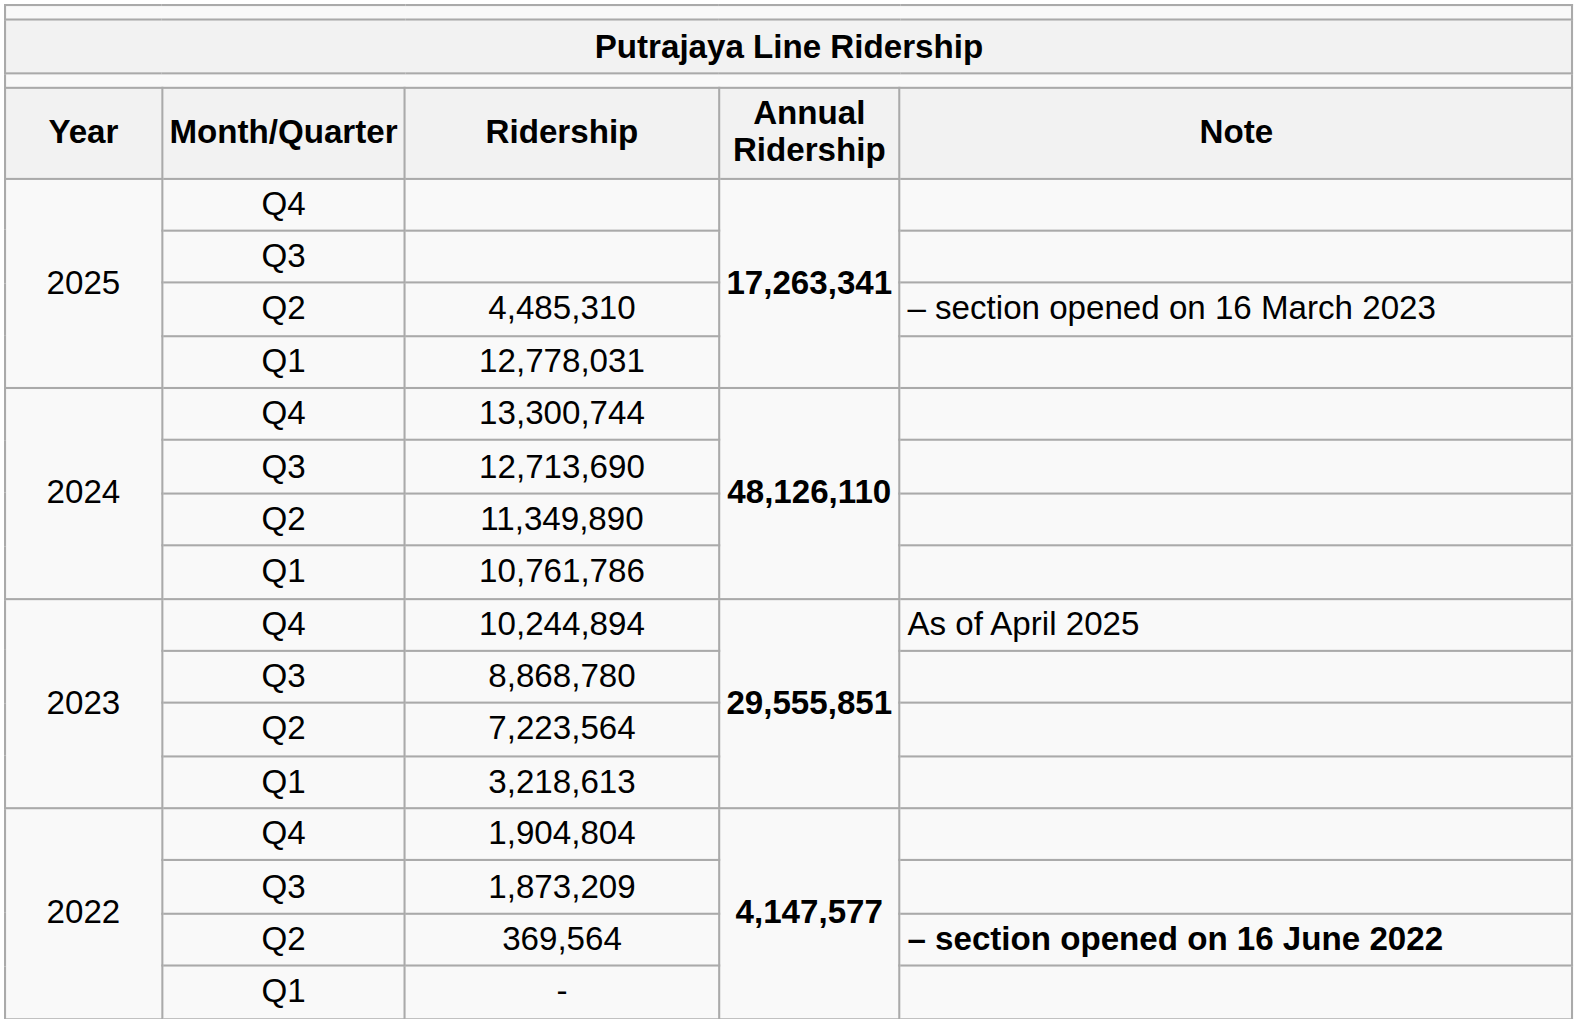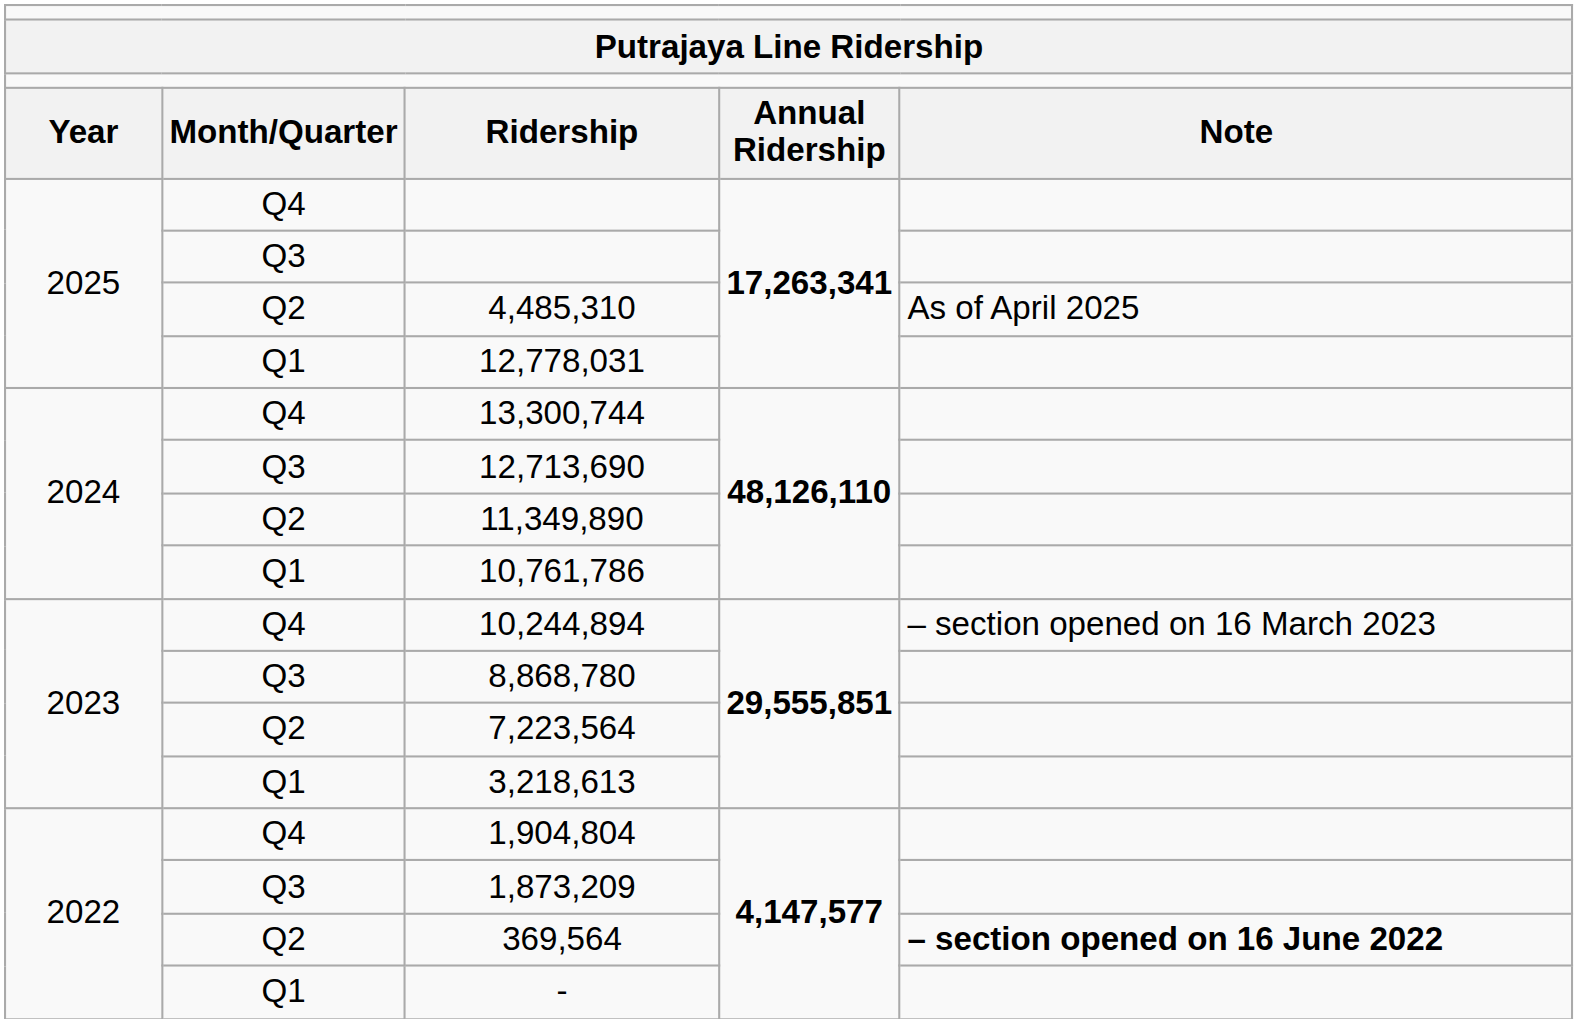 <table class="wikitable" style="width:60%">
 <tr>
 <td colspan="5" align="center"></td>
 </tr>
 <tr>
 <th colspan="5" align="center">Putrajaya Line Ridership</th>
 </tr>
 <tr>
 <td colspan="5" align="center"></td>
 </tr>
 <tr>
 <th style="width:10%">Year</th>
 <th style="width:10%">Month/Quarter</th>
 <th style="width:20%">Ridership</th>
 <th style="width:10%">Annual Ridership</th>
 <th>Note</th>
 </tr>
 <tr>
 <td rowspan="4" align="center">2025</td>
 <td align="center">Q4</td>
 <td align="center"></td>
 <td rowspan="4" align="center"><strong>17,263,341</strong></td>
 <td></td>
 </tr>
 <tr>
 <td align="center">Q3</td>
 <td align="center"></td>
 <td></td>
 </tr>
 <tr>
 <td align="center">Q2</td>
 <td align="center">4,485,310</td>
-<td>  –   section opened on 16 March 2023</td>
+<td>As of April 2025</td>
 </tr>
 <tr>
 <td align="center">Q1</td>
 <td align="center">12,778,031</td>
 <td></td>
 </tr>
 <tr>
 <td rowspan="4" align="center">2024</td>
 <td align="center">Q4</td>
 <td align="center">13,300,744</td>
 <td rowspan="4" align="center"><strong>48,126,110</strong></td>
 <td></td>
 </tr>
 <tr>
 <td align="center">Q3</td>
 <td align="center">12,713,690</td>
 <td></td>
 </tr>
 <tr>
 <td align="center">Q2</td>
 <td align="center">11,349,890</td>
 <td></td>
 </tr>
 <tr>
 <td align="center">Q1</td>
 <td align="center">10,761,786</td>
 <td></td>
 </tr>
 <tr>
 <td rowspan="4" align="center">2023</td>
 <td align="center">Q4</td>
 <td align="center">10,244,894</td>
 <td rowspan="4" align="center"><strong>29,555,851</strong></td>
-<td>As of April 2025</td>
+<td>  –   section opened on 16 March 2023</td>
 </tr>
 <tr>
 <td align="center">Q3</td>
 <td align="center">8,868,780</td>
 <td></td>
 </tr>
 <tr>
 <td align="center">Q2</td>
 <td align="center">7,223,564</td>
 <td></td>
 </tr>
 <tr>
 <td align="center">Q1</td>
 <td align="center">3,218,613</td>
 <td></td>
 </tr>
 <tr>
 <td rowspan="4" align="center">2022</td>
 <td align="center">Q4</td>
 <td align="center">1,904,804</td>
 <td rowspan="4" align="center"><strong>4,147,577</strong></td>
 <td></td>
 </tr>
 <tr>
 <td align="center">Q3</td>
 <td align="center">1,873,209</td>
 <td></td>
 </tr>
 <tr>
 <td align="center">Q2</td>
 <td align="center">369,564</td>
 <td><strong>  –   section opened on 16 June 2022</strong></td>
 </tr>
 <tr>
 <td align="center">Q1</td>
 <td align="center">-</td>
 <td></td>
 </tr>
 </table>
